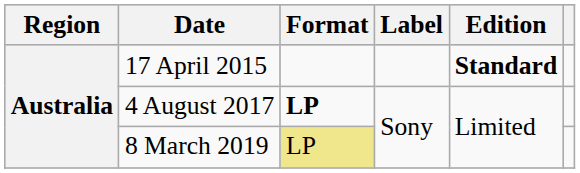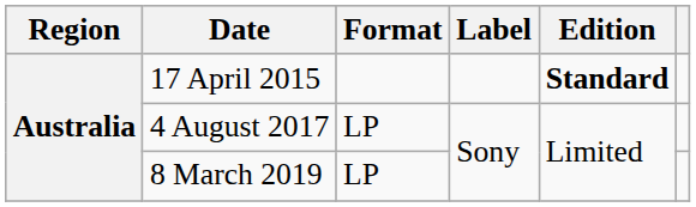 <table class="wikitable plainrowheaders">
 <tr>
 <th scope="col">Region</th>
 <th scope="col">Date</th>
 <th scope="col">Format</th>
 <th scope="col">Label</th>
 <th scope="col">Edition</th>
 <th scope="col"></th>
 </tr>
 <tr>
 <th rowspan="3" scope="row">Australia</th>
 <td>17 April 2015</td>
 <td></td>
 <td></td>
 <td><strong>Standard</strong></td>
 <td align="center"></td>
 </tr>
 <tr>
 <td>4 August 2017</td>
-<td><strong>LP </strong></td>
+<td>LP </td>
 <td rowspan="2">Sony</td>
 <td rowspan="2">Limited</td>
 <td align="center"></td>
 </tr>
 <tr>
 <td>8 March 2019</td>
-<td style="background: khaki;">LP </td>
+<td>LP </td>
 <td align="center"></td>
 </tr>
 </table>
